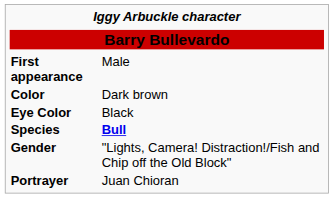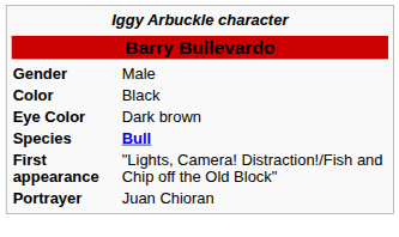 <table class="infobox" style="width: 25em;">
 <tr>
 <td colspan="2" style="text-align:center;"><strong><em>Iggy Arbuckle character</em></strong></td>
 </tr>
 <tr>
 <td colspan="2" style="text-align:center;"></td>
 </tr>
 <tr>
 <th colspan="2" style="font-size: larger; background-color:#c00; color:#000;"><strong>Barry Bullevardo</strong></th>
 </tr>
 <tr>
 <td colspan="2"></td>
 </tr>
 <tr>
-<td><strong>First appearance</strong></td>
+<td><strong>Gender</strong></td>
 <td>Male</td>
 </tr>
 <tr>
 <td><strong>Color</strong></td>
-<td>Dark brown</td>
+<td>Black</td>
 </tr>
 <tr>
 <td><strong>Eye Color</strong></td>
-<td>Black</td>
+<td>Dark brown</td>
 </tr>
 <tr>
 <td><strong>Species</strong></td>
 <td><strong><a href='#'>Bull</a></strong></td>
 </tr>
 <tr>
-<td><strong>Gender</strong></td>
+<td><strong>First appearance</strong></td>
 <td>"Lights, Camera! Distraction!/Fish and Chip off the Old Block"</td>
 </tr>
 <tr>
 <td><strong>Portrayer</strong></td>
 <td>Juan Chioran</td>
 </tr>
 </table>
